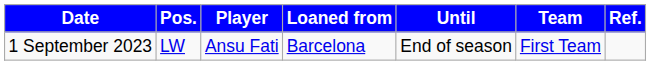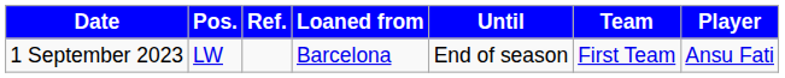 <table class="wikitable plainrowheaders sortable">
 <tr>
 <th style="background:#0000FF; color:#ffffff;">Date</th>
 <th style="background:#0000FF; color:#ffffff;">Pos.</th>
-<th style="background:#0000FF; color:#ffffff;">Player</th>
+<th style="background:#0000FF; color:#ffffff;">Ref.</th>
 <th style="background:#0000FF; color:#ffffff;">Loaned from</th>
 <th style="background:#0000FF; color:#ffffff;">Until</th>
 <th style="background:#0000FF; color:#FFFFFF; ">Team</th>
-<th style="background:#0000FF; color:#ffffff;">Ref.</th>
+<th style="background:#0000FF; color:#ffffff;">Player</th>
 </tr>
 <tr>
 <td>1 September 2023</td>
 <td><a href='#'>LW</a></td>
-<td> <a href='#'>Ansu Fati</a></td>
+<td></td>
 <td> <a href='#'>Barcelona</a></td>
 <td>End of season</td>
 <td><a href='#'>First Team</a></td>
-<td></td>
+<td> <a href='#'>Ansu Fati</a></td>
 </tr>
 </table>
